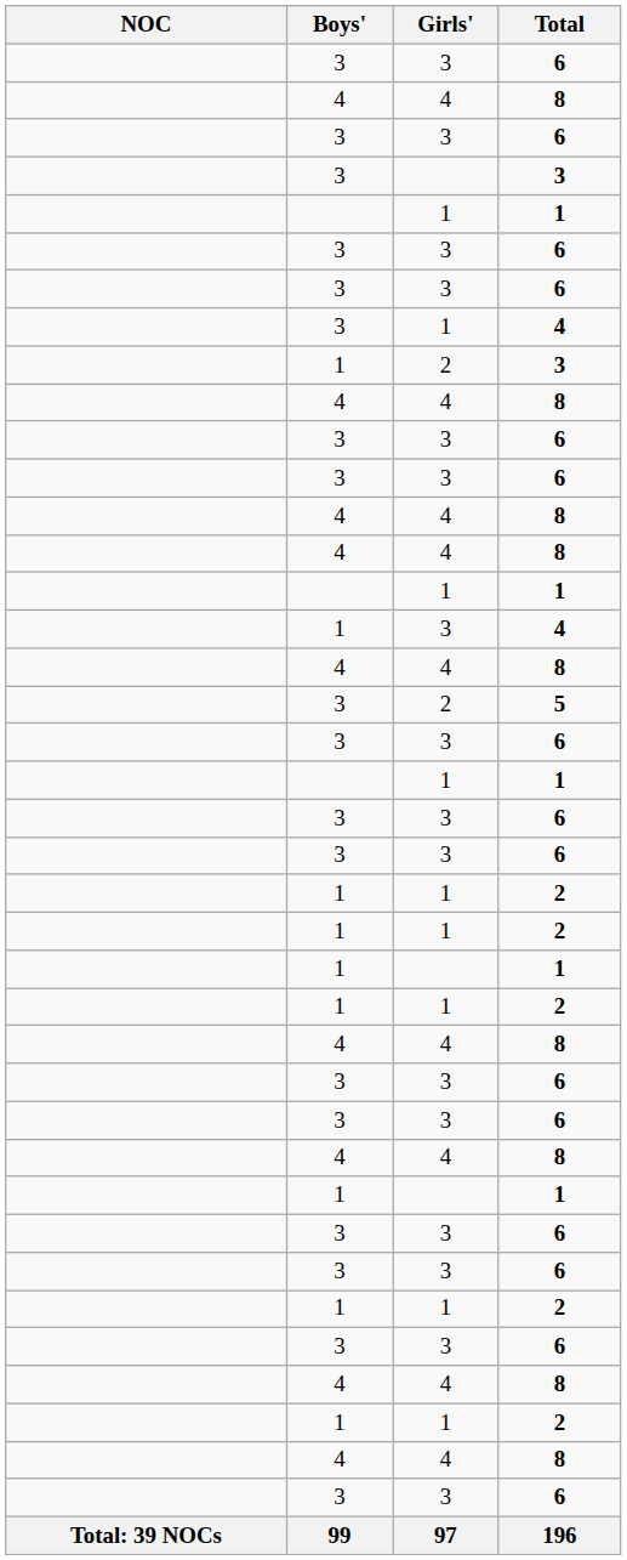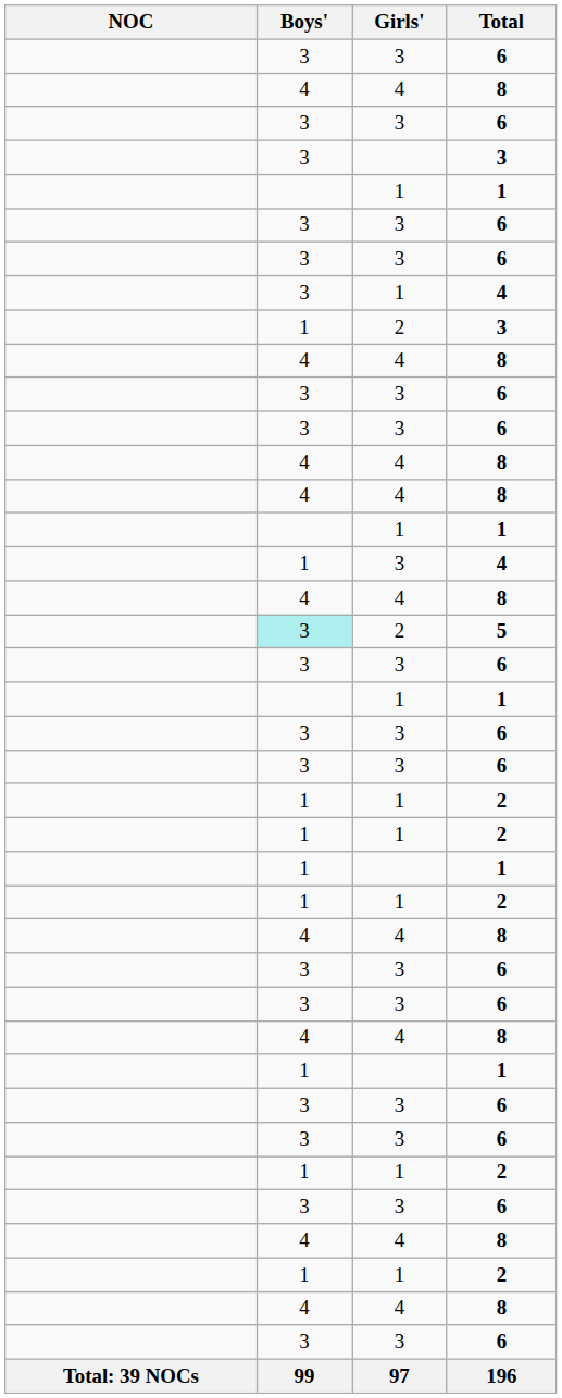 <table class="wikitable" style="text-align:center; font-size:90%">
 <tr>
 <th width=170 align=left>NOC</th>
 <th width=60>Boys'</th>
 <th width=60>Girls'</th>
 <th width=70>Total</th>
 </tr>
 <tr>
 <td align=left></td>
 <td>3</td>
 <td>3</td>
 <td><strong>6</strong></td>
 </tr>
 <tr>
 <td align=left></td>
 <td>4</td>
 <td>4</td>
 <td><strong>8</strong></td>
 </tr>
 <tr>
 <td align=left></td>
 <td>3</td>
 <td>3</td>
 <td><strong>6</strong></td>
 </tr>
 <tr>
 <td align=left></td>
 <td>3</td>
 <td></td>
 <td><strong>3</strong></td>
 </tr>
 <tr>
 <td align=left></td>
 <td></td>
 <td>1</td>
 <td><strong>1</strong></td>
 </tr>
 <tr>
 <td align=left></td>
 <td>3</td>
 <td>3</td>
 <td><strong>6</strong></td>
 </tr>
 <tr>
 <td align=left></td>
 <td>3</td>
 <td>3</td>
 <td><strong>6</strong></td>
 </tr>
 <tr>
 <td align=left></td>
 <td>3</td>
 <td>1</td>
 <td><strong>4</strong></td>
 </tr>
 <tr>
 <td align=left></td>
 <td>1</td>
 <td>2</td>
 <td><strong>3</strong></td>
 </tr>
 <tr>
 <td align=left></td>
 <td>4</td>
 <td>4</td>
 <td><strong>8</strong></td>
 </tr>
 <tr>
 <td align=left></td>
 <td>3</td>
 <td>3</td>
 <td><strong>6</strong></td>
 </tr>
 <tr>
 <td align=left></td>
 <td>3</td>
 <td>3</td>
 <td><strong>6</strong></td>
 </tr>
 <tr>
 <td align=left></td>
 <td>4</td>
 <td>4</td>
 <td><strong>8</strong></td>
 </tr>
 <tr>
 <td align=left></td>
 <td>4</td>
 <td>4</td>
 <td><strong>8</strong></td>
 </tr>
 <tr>
 <td align=left></td>
 <td></td>
 <td>1</td>
 <td><strong>1</strong></td>
 </tr>
 <tr>
 <td align=left></td>
 <td>1</td>
 <td>3</td>
 <td><strong>4</strong></td>
 </tr>
 <tr>
 <td align=left></td>
 <td>4</td>
 <td>4</td>
 <td><strong>8</strong></td>
 </tr>
 <tr>
 <td align=left></td>
-<td>3</td>
+<td style="background: paleturquoise;">3</td>
 <td>2</td>
 <td><strong>5</strong></td>
 </tr>
 <tr>
 <td align=left></td>
 <td>3</td>
 <td>3</td>
 <td><strong>6</strong></td>
 </tr>
 <tr>
 <td align=left></td>
 <td></td>
 <td>1</td>
 <td><strong>1</strong></td>
 </tr>
 <tr>
 <td align=left></td>
 <td>3</td>
 <td>3</td>
 <td><strong>6</strong></td>
 </tr>
 <tr>
 <td align=left></td>
 <td>3</td>
 <td>3</td>
 <td><strong>6</strong></td>
 </tr>
 <tr>
 <td align=left></td>
 <td>1</td>
 <td>1</td>
 <td><strong>2</strong></td>
 </tr>
 <tr>
 <td align=left></td>
 <td>1</td>
 <td>1</td>
 <td><strong>2</strong></td>
 </tr>
 <tr>
 <td align=left></td>
 <td>1</td>
 <td></td>
 <td><strong>1</strong></td>
 </tr>
 <tr>
 <td align=left></td>
 <td>1</td>
 <td>1</td>
 <td><strong>2</strong></td>
 </tr>
 <tr>
 <td align=left></td>
 <td>4</td>
 <td>4</td>
 <td><strong>8</strong></td>
 </tr>
 <tr>
 <td align=left></td>
 <td>3</td>
 <td>3</td>
 <td><strong>6</strong></td>
 </tr>
 <tr>
 <td align=left></td>
 <td>3</td>
 <td>3</td>
 <td><strong>6</strong></td>
 </tr>
 <tr>
 <td align=left></td>
 <td>4</td>
 <td>4</td>
 <td><strong>8</strong></td>
 </tr>
 <tr>
 <td align=left></td>
 <td>1</td>
 <td></td>
 <td><strong>1</strong></td>
 </tr>
 <tr>
 <td align=left></td>
 <td>3</td>
 <td>3</td>
 <td><strong>6</strong></td>
 </tr>
 <tr>
 <td align=left></td>
 <td>3</td>
 <td>3</td>
 <td><strong>6</strong></td>
 </tr>
 <tr>
 <td align=left></td>
 <td>1</td>
 <td>1</td>
 <td><strong>2</strong></td>
 </tr>
 <tr>
 <td align=left></td>
 <td>3</td>
 <td>3</td>
 <td><strong>6</strong></td>
 </tr>
 <tr>
 <td align=left></td>
 <td>4</td>
 <td>4</td>
 <td><strong>8</strong></td>
 </tr>
 <tr>
 <td align=left></td>
 <td>1</td>
 <td>1</td>
 <td><strong>2</strong></td>
 </tr>
 <tr>
 <td align=left></td>
 <td>4</td>
 <td>4</td>
 <td><strong>8</strong></td>
 </tr>
 <tr>
 <td align=left></td>
 <td>3</td>
 <td>3</td>
 <td><strong>6</strong></td>
 </tr>
 <tr>
 <th>Total: 39 NOCs</th>
 <th>99</th>
 <th>97</th>
 <th>196</th>
 </tr>
 </table>
